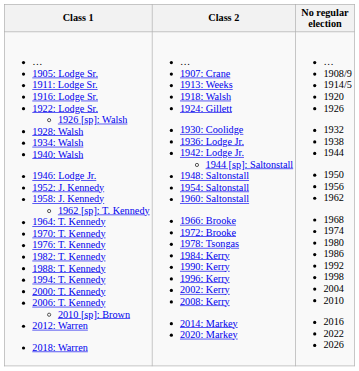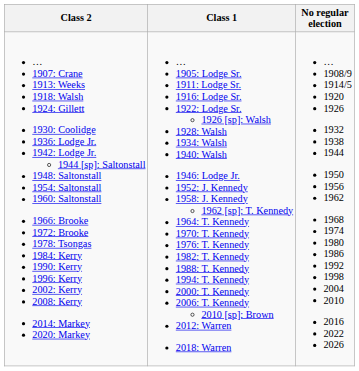 <table class=wikitable>
 <tr>
+<th>Class 2</th>
 <th>Class 1</th>
-<th>Class 2</th>
 <th>No regular<br>election</th>
 </tr>
 <tr valign=top>
+<td nowrap><br><ul><li>…</li><li><a href='#'>1907: Crane</a></li><li><a href='#'>1913: Weeks</a></li><li><a href='#'>1918: Walsh</a></li><li><a href='#'>1924: Gillett</a></li></ul><ul><li><a href='#'>1930: Coolidge</a></li><li><a href='#'>1936: Lodge Jr.</a></li><li><a href='#'>1942: Lodge Jr.</a><ul><li><a href='#'>1944 [sp]: Saltonstall</a></li></ul></li><li><a href='#'>1948: Saltonstall</a></li><li><a href='#'>1954: Saltonstall</a></li><li><a href='#'>1960: Saltonstall</a></li></ul><ul><li><a href='#'>1966: Brooke</a></li><li><a href='#'>1972: Brooke</a></li><li><a href='#'>1978: Tsongas</a></li><li><a href='#'>1984: Kerry</a></li><li><a href='#'>1990: Kerry</a></li><li><a href='#'>1996: Kerry</a></li><li><a href='#'>2002: Kerry</a></li><li><a href='#'>2008: Kerry</a></li></ul><ul><li><a href='#'>2014: Markey</a></li><li><a href='#'>2020: Markey</a></li></ul></td>
 <td nowrap><br><ul><li>…</li><li><a href='#'>1905: Lodge Sr.</a></li><li><a href='#'>1911: Lodge Sr.</a></li><li><a href='#'>1916: Lodge Sr.</a></li><li><a href='#'>1922: Lodge Sr.</a><ul><li><a href='#'>1926 [sp]: Walsh</a></li></ul></li><li><a href='#'>1928: Walsh</a></li><li><a href='#'>1934: Walsh</a></li><li><a href='#'>1940: Walsh</a></li></ul><ul><li><a href='#'>1946: Lodge Jr.</a></li><li><a href='#'>1952: J. Kennedy</a></li><li><a href='#'>1958: J. Kennedy</a><ul><li><a href='#'>1962 [sp]: T. Kennedy</a></li></ul></li><li><a href='#'>1964: T. Kennedy</a></li><li><a href='#'>1970: T. Kennedy</a></li><li><a href='#'>1976: T. Kennedy</a></li><li><a href='#'>1982: T. Kennedy</a></li><li><a href='#'>1988: T. Kennedy</a></li><li><a href='#'>1994: T. Kennedy</a></li><li><a href='#'>2000: T. Kennedy</a></li><li><a href='#'>2006: T. Kennedy</a><ul><li><a href='#'>2010 [sp]: Brown</a></li></ul></li><li><a href='#'>2012: Warren</a></li></ul><ul><li><a href='#'>2018: Warren</a></li></ul></td>
-<td nowrap><br><ul><li>…</li><li><a href='#'>1907: Crane</a></li><li><a href='#'>1913: Weeks</a></li><li><a href='#'>1918: Walsh</a></li><li><a href='#'>1924: Gillett</a></li></ul><ul><li><a href='#'>1930: Coolidge</a></li><li><a href='#'>1936: Lodge Jr.</a></li><li><a href='#'>1942: Lodge Jr.</a><ul><li><a href='#'>1944 [sp]: Saltonstall</a></li></ul></li><li><a href='#'>1948: Saltonstall</a></li><li><a href='#'>1954: Saltonstall</a></li><li><a href='#'>1960: Saltonstall</a></li></ul><ul><li><a href='#'>1966: Brooke</a></li><li><a href='#'>1972: Brooke</a></li><li><a href='#'>1978: Tsongas</a></li><li><a href='#'>1984: Kerry</a></li><li><a href='#'>1990: Kerry</a></li><li><a href='#'>1996: Kerry</a></li><li><a href='#'>2002: Kerry</a></li><li><a href='#'>2008: Kerry</a></li></ul><ul><li><a href='#'>2014: Markey</a></li><li><a href='#'>2020: Markey</a></li></ul></td>
 <td nowrap><br><ul><li>…</li><li>1908/9</li><li>1914/5</li><li>1920</li><li>1926</li></ul><ul><li>1932</li><li>1938</li><li>1944</li></ul><ul><li>1950</li><li>1956</li><li>1962</li></ul><ul><li>1968</li><li>1974</li><li>1980</li><li>1986</li><li>1992</li><li>1998</li><li>2004</li><li>2010</li></ul><ul><li>2016</li><li>2022</li><li>2026</li></ul></td>
 </tr>
 </table>
